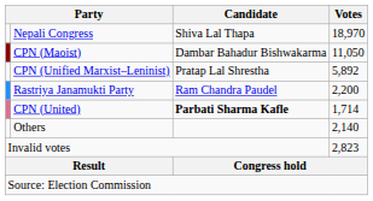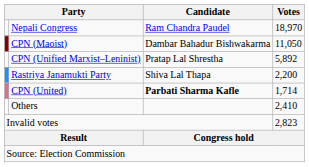 <table class="wikitable">
 <tr>
 <th colspan="2">Party</th>
 <th>Candidate</th>
 <th>Votes</th>
 </tr>
 <tr>
 <td style="background-color:"></td>
 <td><a href='#'>Nepali Congress</a></td>
-<td>Shiva Lal Thapa</td>
+<td><a href='#'>Ram Chandra Paudel</a></td>
 <td>18,970</td>
 </tr>
 <tr>
 <td style="background-color:darkred"></td>
 <td><a href='#'>CPN (Maoist)</a></td>
 <td>Dambar Bahadur Bishwakarma</td>
 <td>11,050</td>
 </tr>
 <tr>
 <td style="background-color:"></td>
 <td><a href='#'>CPN (Unified Marxist–Leninist)</a></td>
 <td>Pratap Lal Shrestha</td>
 <td>5,892</td>
 </tr>
 <tr>
 <td style="background-color:dodgerblue"></td>
 <td><a href='#'>Rastriya Janamukti Party</a></td>
-<td><a href='#'>Ram Chandra Paudel</a></td>
+<td>Shiva Lal Thapa</td>
 <td>2,200</td>
 </tr>
 <tr>
 <td style="background-color:palevioletred"></td>
 <td><a href='#'>CPN (United)</a></td>
 <td><strong>Parbati Sharma Kafle</strong></td>
 <td>1,714</td>
 </tr>
 <tr>
 <td></td>
 <td>Others</td>
 <td></td>
-<td>2,140</td>
+<td>2,410</td>
 </tr>
 <tr>
 <td colspan="3">Invalid votes</td>
 <td>2,823</td>
 </tr>
 <tr>
 <th colspan="2">Result</th>
 <th colspan="2">Congress hold</th>
 </tr>
 <tr>
 <td colspan="4">Source: Election Commission</td>
 </tr>
 </table>
